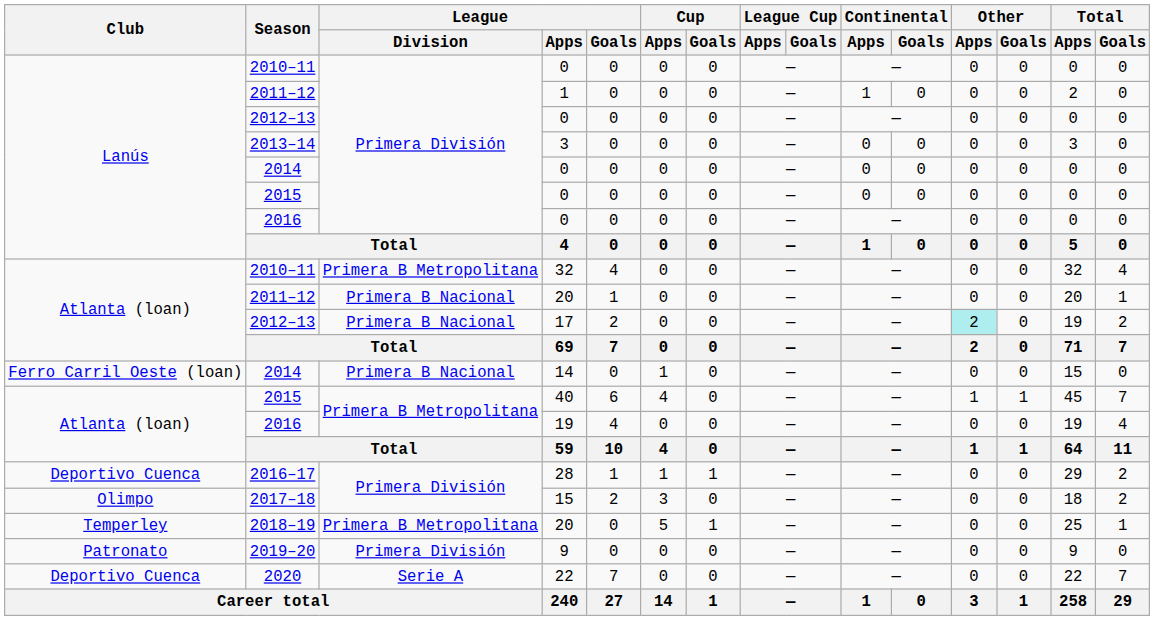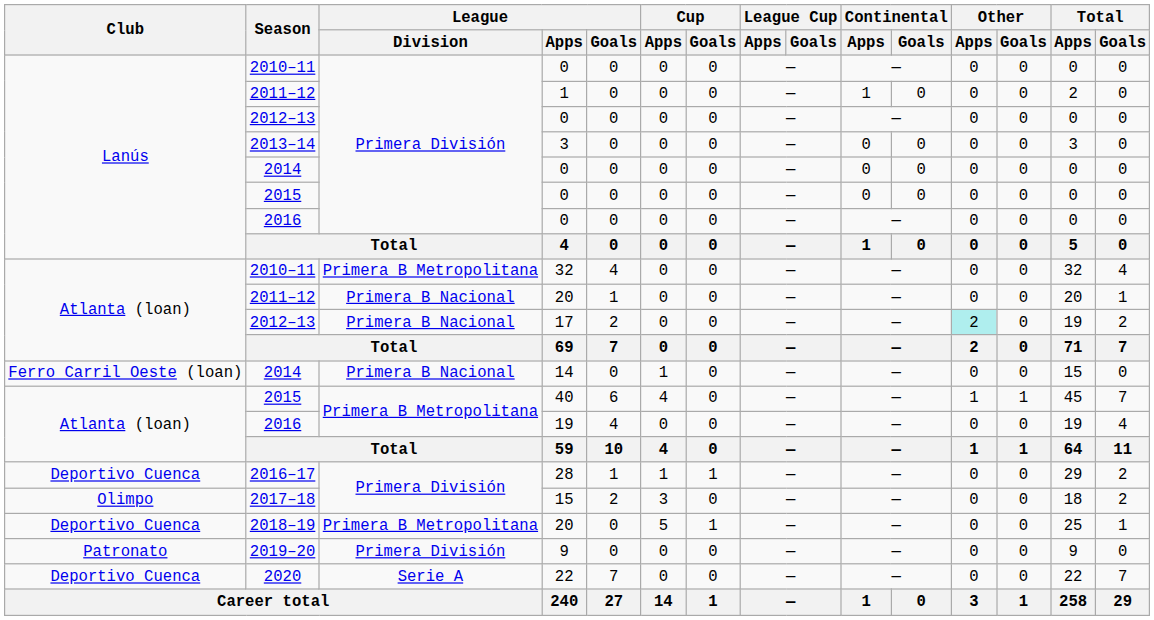 <table class="wikitable" style="text-align:center">
 <tr>
 <th rowspan="2">Club</th>
 <th rowspan="2">Season</th>
 <th colspan="3">League</th>
 <th colspan="2">Cup</th>
 <th colspan="2">League Cup</th>
 <th colspan="2">Continental</th>
 <th colspan="2">Other</th>
 <th colspan="2">Total</th>
 </tr>
 <tr>
 <th>Division</th>
 <th>Apps</th>
 <th>Goals</th>
 <th>Apps</th>
 <th>Goals</th>
 <th>Apps</th>
 <th>Goals</th>
 <th>Apps</th>
 <th>Goals</th>
 <th>Apps</th>
 <th>Goals</th>
 <th>Apps</th>
 <th>Goals</th>
 </tr>
 <tr>
 <td rowspan="8"><a href='#'>Lanús</a></td>
 <td><a href='#'>2010–11</a></td>
 <td rowspan="7"><a href='#'>Primera División</a></td>
 <td>0</td>
 <td>0</td>
 <td>0</td>
 <td>0</td>
 <td colspan="2">—</td>
 <td colspan="2">—</td>
 <td>0</td>
 <td>0</td>
 <td>0</td>
 <td>0</td>
 </tr>
 <tr>
 <td><a href='#'>2011–12</a></td>
 <td>1</td>
 <td>0</td>
 <td>0</td>
 <td>0</td>
 <td colspan="2">—</td>
 <td>1</td>
 <td>0</td>
 <td>0</td>
 <td>0</td>
 <td>2</td>
 <td>0</td>
 </tr>
 <tr>
 <td><a href='#'>2012–13</a></td>
 <td>0</td>
 <td>0</td>
 <td>0</td>
 <td>0</td>
 <td colspan="2">—</td>
 <td colspan="2">—</td>
 <td>0</td>
 <td>0</td>
 <td>0</td>
 <td>0</td>
 </tr>
 <tr>
 <td><a href='#'>2013–14</a></td>
 <td>3</td>
 <td>0</td>
 <td>0</td>
 <td>0</td>
 <td colspan="2">—</td>
 <td>0</td>
 <td>0</td>
 <td>0</td>
 <td>0</td>
 <td>3</td>
 <td>0</td>
 </tr>
 <tr>
 <td><a href='#'>2014</a></td>
 <td>0</td>
 <td>0</td>
 <td>0</td>
 <td>0</td>
 <td colspan="2">—</td>
 <td>0</td>
 <td>0</td>
 <td>0</td>
 <td>0</td>
 <td>0</td>
 <td>0</td>
 </tr>
 <tr>
 <td><a href='#'>2015</a></td>
 <td>0</td>
 <td>0</td>
 <td>0</td>
 <td>0</td>
 <td colspan="2">—</td>
 <td>0</td>
 <td>0</td>
 <td>0</td>
 <td>0</td>
 <td>0</td>
 <td>0</td>
 </tr>
 <tr>
 <td><a href='#'>2016</a></td>
 <td>0</td>
 <td>0</td>
 <td>0</td>
 <td>0</td>
 <td colspan="2">—</td>
 <td colspan="2">—</td>
 <td>0</td>
 <td>0</td>
 <td>0</td>
 <td>0</td>
 </tr>
 <tr>
 <th colspan="2">Total</th>
 <th>4</th>
 <th>0</th>
 <th>0</th>
 <th>0</th>
 <th colspan="2">—</th>
 <th>1</th>
 <th>0</th>
 <th>0</th>
 <th>0</th>
 <th>5</th>
 <th>0</th>
 </tr>
 <tr>
 <td rowspan="4"><a href='#'>Atlanta</a> (loan)</td>
 <td><a href='#'>2010–11</a></td>
 <td rowspan="1"><a href='#'>Primera B Metropolitana</a></td>
 <td>32</td>
 <td>4</td>
 <td>0</td>
 <td>0</td>
 <td colspan="2">—</td>
 <td colspan="2">—</td>
 <td>0</td>
 <td>0</td>
 <td>32</td>
 <td>4</td>
 </tr>
 <tr>
 <td><a href='#'>2011–12</a></td>
 <td rowspan="1"><a href='#'>Primera B Nacional</a></td>
 <td>20</td>
 <td>1</td>
 <td>0</td>
 <td>0</td>
 <td colspan="2">—</td>
 <td colspan="2">—</td>
 <td>0</td>
 <td>0</td>
 <td>20</td>
 <td>1</td>
 </tr>
 <tr>
 <td><a href='#'>2012–13</a></td>
 <td rowspan="1"><a href='#'>Primera B Nacional</a></td>
 <td>17</td>
 <td>2</td>
 <td>0</td>
 <td>0</td>
 <td colspan="2">—</td>
 <td colspan="2">—</td>
 <td style="background: paleturquoise;">2</td>
 <td>0</td>
 <td>19</td>
 <td>2</td>
 </tr>
 <tr>
 <th colspan="2">Total</th>
 <th>69</th>
 <th>7</th>
 <th>0</th>
 <th>0</th>
 <th colspan="2">—</th>
 <th colspan="2">—</th>
 <th>2</th>
 <th>0</th>
 <th>71</th>
 <th>7</th>
 </tr>
 <tr>
 <td rowspan="1"><a href='#'>Ferro Carril Oeste</a> (loan)</td>
 <td><a href='#'>2014</a></td>
 <td rowspan="1"><a href='#'>Primera B Nacional</a></td>
 <td>14</td>
 <td>0</td>
 <td>1</td>
 <td>0</td>
 <td colspan="2">—</td>
 <td colspan="2">—</td>
 <td>0</td>
 <td>0</td>
 <td>15</td>
 <td>0</td>
 </tr>
 <tr>
 <td rowspan="3"><a href='#'>Atlanta</a> (loan)</td>
 <td><a href='#'>2015</a></td>
 <td rowspan="2"><a href='#'>Primera B Metropolitana</a></td>
 <td>40</td>
 <td>6</td>
 <td>4</td>
 <td>0</td>
 <td colspan="2">—</td>
 <td colspan="2">—</td>
 <td>1</td>
 <td>1</td>
 <td>45</td>
 <td>7</td>
 </tr>
 <tr>
 <td><a href='#'>2016</a></td>
 <td>19</td>
 <td>4</td>
 <td>0</td>
 <td>0</td>
 <td colspan="2">—</td>
 <td colspan="2">—</td>
 <td>0</td>
 <td>0</td>
 <td>19</td>
 <td>4</td>
 </tr>
 <tr>
 <th colspan="2">Total</th>
 <th>59</th>
 <th>10</th>
 <th>4</th>
 <th>0</th>
 <th colspan="2">—</th>
 <th colspan="2">—</th>
 <th>1</th>
 <th>1</th>
 <th>64</th>
 <th>11</th>
 </tr>
 <tr>
 <td rowspan="1"><a href='#'>Deportivo Cuenca</a></td>
 <td><a href='#'>2016–17</a></td>
 <td rowspan="2"><a href='#'>Primera División</a></td>
 <td>28</td>
 <td>1</td>
 <td>1</td>
 <td>1</td>
 <td colspan="2">—</td>
 <td colspan="2">—</td>
 <td>0</td>
 <td>0</td>
 <td>29</td>
 <td>2</td>
 </tr>
 <tr>
 <td rowspan="1"><a href='#'>Olimpo</a></td>
 <td><a href='#'>2017–18</a></td>
 <td>15</td>
 <td>2</td>
 <td>3</td>
 <td>0</td>
 <td colspan="2">—</td>
 <td colspan="2">—</td>
 <td>0</td>
 <td>0</td>
 <td>18</td>
 <td>2</td>
 </tr>
 <tr>
-<td rowspan="1"><a href='#'>Temperley</a></td>
+<td rowspan="1"><a href='#'>Deportivo Cuenca</a></td>
 <td><a href='#'>2018–19</a></td>
 <td rowspan="1"><a href='#'>Primera B Metropolitana</a></td>
 <td>20</td>
 <td>0</td>
 <td>5</td>
 <td>1</td>
 <td colspan="2">—</td>
 <td colspan="2">—</td>
 <td>0</td>
 <td>0</td>
 <td>25</td>
 <td>1</td>
 </tr>
 <tr>
 <td rowspan="1"><a href='#'>Patronato</a></td>
 <td><a href='#'>2019–20</a></td>
 <td rowspan="1"><a href='#'>Primera División</a></td>
 <td>9</td>
 <td>0</td>
 <td>0</td>
 <td>0</td>
 <td colspan="2">—</td>
 <td colspan="2">—</td>
 <td>0</td>
 <td>0</td>
 <td>9</td>
 <td>0</td>
 </tr>
 <tr>
 <td rowspan="1"><a href='#'>Deportivo Cuenca</a></td>
 <td><a href='#'>2020</a></td>
 <td rowspan="1"><a href='#'>Serie A</a></td>
 <td>22</td>
 <td>7</td>
 <td>0</td>
 <td>0</td>
 <td colspan="2">—</td>
 <td colspan="2">—</td>
 <td>0</td>
 <td>0</td>
 <td>22</td>
 <td>7</td>
 </tr>
 <tr>
 <th colspan="3">Career total</th>
 <th>240</th>
 <th>27</th>
 <th>14</th>
 <th>1</th>
 <th colspan="2">—</th>
 <th>1</th>
 <th>0</th>
 <th>3</th>
 <th>1</th>
 <th>258</th>
 <th>29</th>
 </tr>
 </table>
